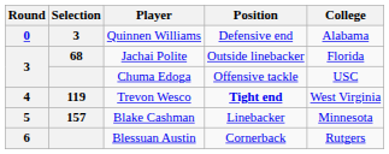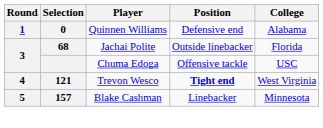 <table class="wikitable" style="text-align:center">
 <tr>
 <th>Round</th>
 <th>Selection</th>
 <th>Player</th>
 <th>Position</th>
 <th>College</th>
 </tr>
 <tr>
-<th><a href='#'>0</a></th>
-<th>3</th>
+<th><a href='#'>1</a></th>
+<th>0</th>
 <td><a href='#'>Quinnen Williams</a></td>
 <td><a href='#'>Defensive end</a></td>
 <td><a href='#'>Alabama</a></td>
 </tr>
 <tr>
 <th rowspan="2">3</th>
 <th>68</th>
 <td><a href='#'>Jachai Polite</a></td>
 <td><a href='#'>Outside linebacker</a></td>
 <td><a href='#'>Florida</a></td>
 </tr>
 <tr>
 <th></th>
 <td><a href='#'>Chuma Edoga</a></td>
 <td><a href='#'>Offensive tackle</a></td>
 <td><a href='#'>USC</a></td>
 </tr>
 <tr>
 <th>4</th>
-<th>119</th>
+<th>121</th>
 <td><a href='#'>Trevon Wesco</a></td>
 <td><strong><a href='#'>Tight end</a></strong></td>
 <td><a href='#'>West Virginia</a></td>
 </tr>
 <tr>
 <th>5</th>
 <th>157</th>
 <td><a href='#'>Blake Cashman</a></td>
 <td><a href='#'>Linebacker</a></td>
 <td><a href='#'>Minnesota</a></td>
 </tr>
-<tr>
-<th>6</th>
-<th></th>
-<td><a href='#'>Blessuan Austin</a></td>
-<td><a href='#'>Cornerback</a></td>
-<td><a href='#'>Rutgers</a></td>
-</tr>
 </table>
